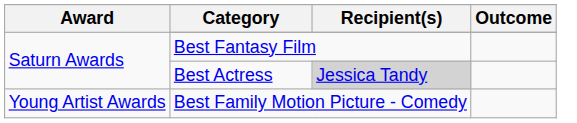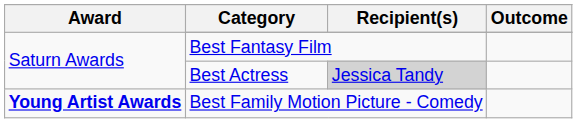 <table class="wikitable">
 <tr>
 </tr>
 <tr>
 <th>Award</th>
 <th>Category</th>
 <th>Recipient(s)</th>
 <th>Outcome</th>
 </tr>
 <tr>
 <td rowspan="3"><a href='#'>Saturn Awards</a></td>
 </tr>
 <tr>
 <td colspan=2><a href='#'>Best Fantasy Film</a></td>
 <td></td>
 </tr>
 <tr>
 <td><a href='#'>Best Actress</a></td>
 <td style="background: lightgrey;"><a href='#'>Jessica Tandy</a></td>
 <td></td>
 </tr>
 <tr>
-<td><a href='#'>Young Artist Awards</a></td>
+<td><strong><a href='#'>Young Artist Awards</a></strong></td>
 <td colspan=2><a href='#'>Best Family Motion Picture - Comedy</a></td>
 <td></td>
 </tr>
 </table>
